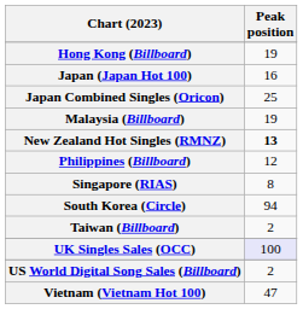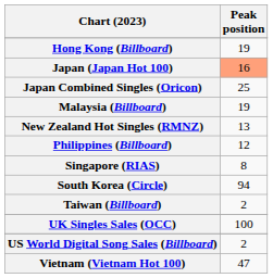 <table class="wikitable sortable plainrowheaders" style="text-align:center">
 <tr>
 <th scope="col">Chart (2023)</th>
 <th scope="col">Peak<br>position</th>
 </tr>
 <tr>
 </tr>
 <tr>
 </tr>
 <tr>
 <th scope="row"><a href='#'>Hong Kong</a> (<em><a href='#'>Billboard</a></em>)</th>
 <td>19</td>
 </tr>
 <tr>
 <th scope="row">Japan (<a href='#'>Japan Hot 100</a>)</th>
-<td>16</td>
+<td style="background: lightsalmon;">16</td>
 </tr>
 <tr>
 <th scope="row">Japan Combined Singles (<a href='#'>Oricon</a>)</th>
 <td>25</td>
 </tr>
 <tr>
 <th scope="row">Malaysia (<em><a href='#'>Billboard</a></em>)</th>
 <td>19</td>
 </tr>
 <tr>
 <th scope="row">New Zealand Hot Singles (<a href='#'>RMNZ</a>)</th>
-<td><strong>13</strong></td>
+<td>13</td>
 </tr>
 <tr>
 <th scope="row"><a href='#'>Philippines</a> (<em><a href='#'>Billboard</a></em>)</th>
 <td>12</td>
 </tr>
 <tr>
 <th scope="row">Singapore (<a href='#'>RIAS</a>)</th>
 <td>8</td>
 </tr>
 <tr>
 <th scope="row">South Korea (<a href='#'>Circle</a>)</th>
 <td>94</td>
 </tr>
 <tr>
 <th scope="row">Taiwan (<em><a href='#'>Billboard</a></em>)</th>
 <td>2</td>
 </tr>
 <tr>
 </tr>
 <tr>
 <th scope="row"><a href='#'>UK Singles Sales</a> (<a href='#'>OCC</a>)</th>
-<td style="background: lavender;">100</td>
+<td>100</td>
 </tr>
 <tr>
 </tr>
 <tr>
 </tr>
 <tr>
 <th scope="row">US <a href='#'>World Digital Song Sales</a> (<em><a href='#'>Billboard</a></em>)</th>
 <td>2</td>
 </tr>
 <tr>
 <th scope="row">Vietnam (<a href='#'>Vietnam Hot 100</a>)</th>
 <td>47</td>
 </tr>
 </table>
